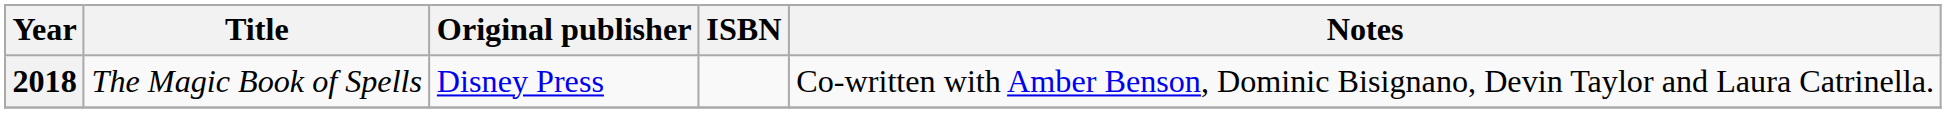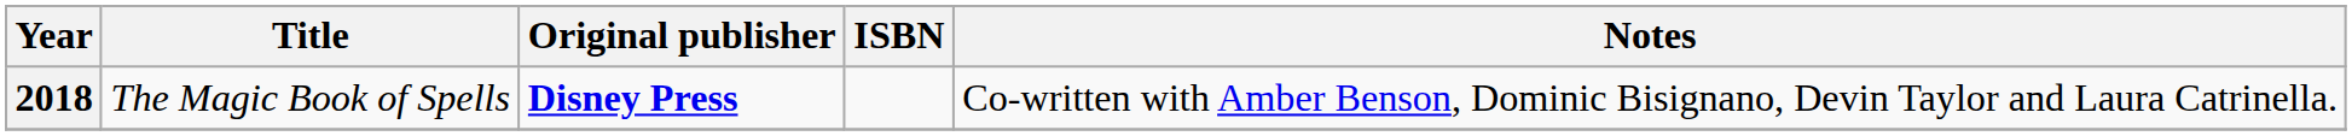 <table class="wikitable plainrowheaders sortable">
 <tr>
 <th scope="col">Year</th>
 <th scope="col">Title</th>
 <th scope="col">Original publisher</th>
 <th scope="col">ISBN</th>
 <th scope="col" class="unsortable">Notes</th>
 </tr>
 <tr>
 <th scope="row">2018</th>
 <td><em>The Magic Book of Spells</em></td>
-<td><a href='#'>Disney Press</a></td>
+<td><strong><a href='#'>Disney Press</a></strong></td>
 <td></td>
 <td>Co-written with <a href='#'>Amber Benson</a>, Dominic Bisignano, Devin Taylor and Laura Catrinella.</td>
 </tr>
 <tr>
 </tr>
 </table>
